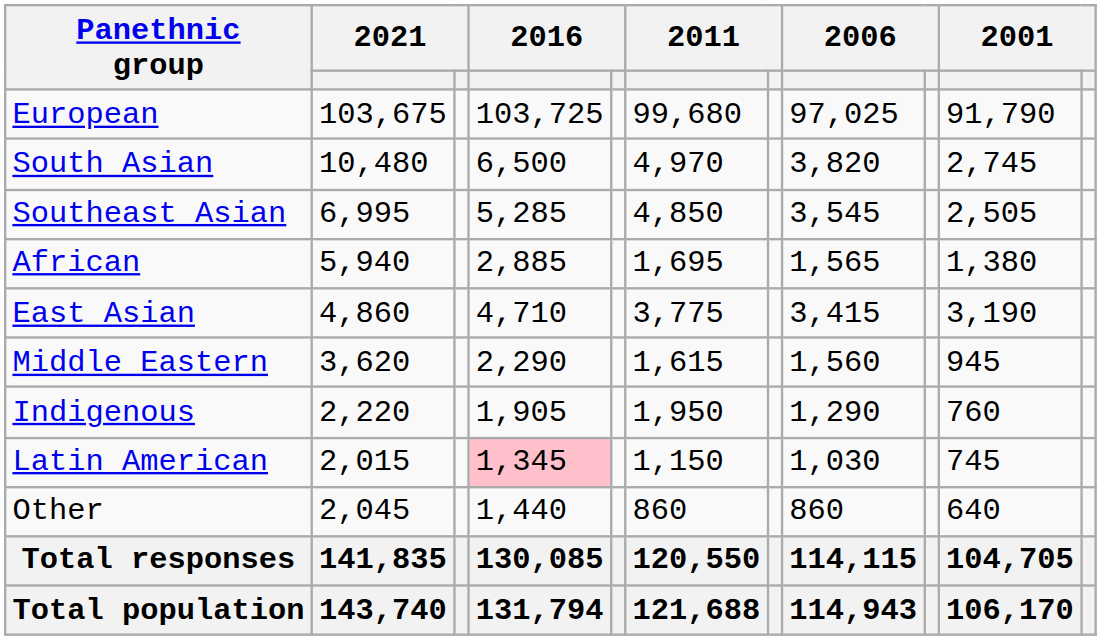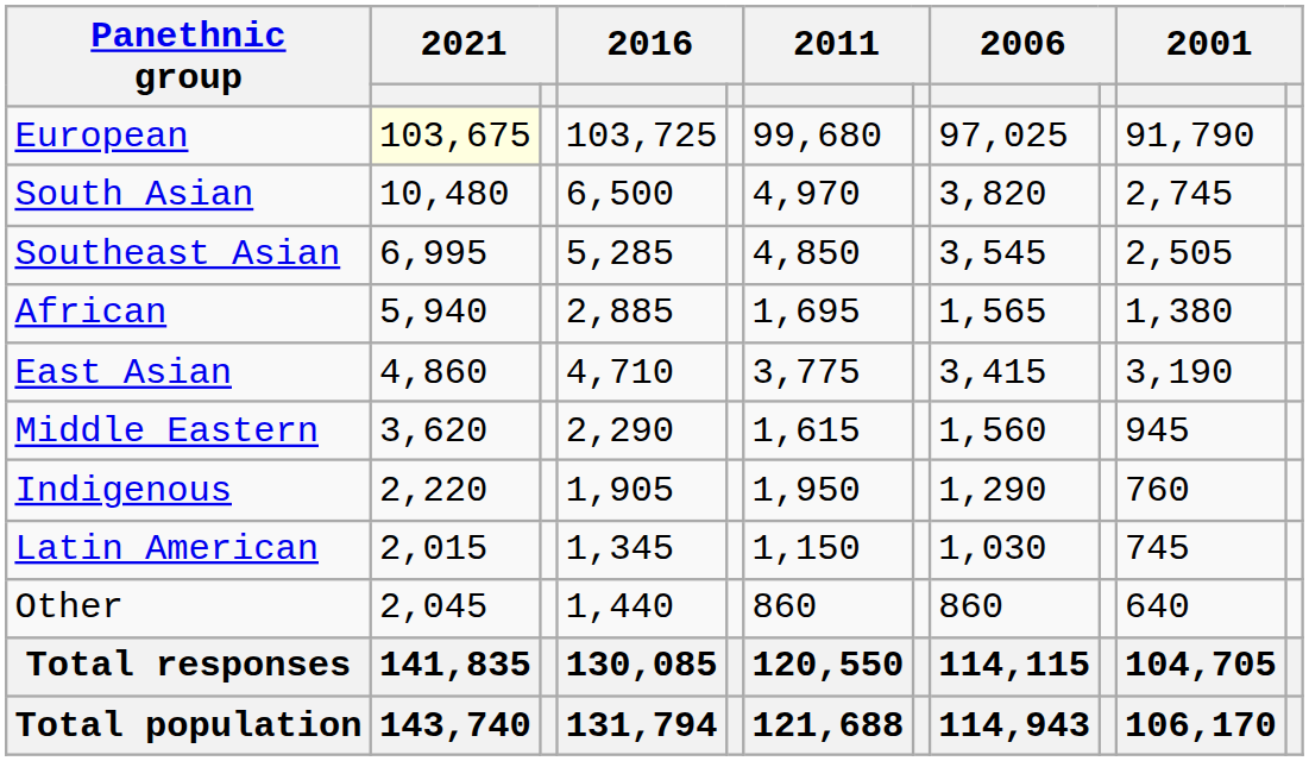 <table class="wikitable collapsible sortable">
 <tr>
 <th rowspan="2"><a href='#'>Panethnic</a><br>group</th>
 <th colspan="2">2021</th>
 <th colspan="2">2016</th>
 <th colspan="2">2011</th>
 <th colspan="2">2006</th>
 <th colspan="2">2001</th>
 </tr>
 <tr>
 <th><a href='#'></a></th>
 <th></th>
 <th></th>
 <th></th>
 <th></th>
 <th></th>
 <th></th>
 <th></th>
 <th></th>
 <th></th>
 </tr>
 <tr>
 <td><a href='#'>European</a></td>
-<td>103,675</td>
+<td style="background: lightyellow;">103,675</td>
 <td></td>
 <td>103,725</td>
 <td></td>
 <td>99,680</td>
 <td></td>
 <td>97,025</td>
 <td></td>
 <td>91,790</td>
 <td></td>
 </tr>
 <tr>
 <td><a href='#'>South Asian</a></td>
 <td>10,480</td>
 <td></td>
 <td>6,500</td>
 <td></td>
 <td>4,970</td>
 <td></td>
 <td>3,820</td>
 <td></td>
 <td>2,745</td>
 <td></td>
 </tr>
 <tr>
 <td><a href='#'>Southeast Asian</a></td>
 <td>6,995</td>
 <td></td>
 <td>5,285</td>
 <td></td>
 <td>4,850</td>
 <td></td>
 <td>3,545</td>
 <td></td>
 <td>2,505</td>
 <td></td>
 </tr>
 <tr>
 <td><a href='#'>African</a></td>
 <td>5,940</td>
 <td></td>
 <td>2,885</td>
 <td></td>
 <td>1,695</td>
 <td></td>
 <td>1,565</td>
 <td></td>
 <td>1,380</td>
 <td></td>
 </tr>
 <tr>
 <td><a href='#'>East Asian</a></td>
 <td>4,860</td>
 <td></td>
 <td>4,710</td>
 <td></td>
 <td>3,775</td>
 <td></td>
 <td>3,415</td>
 <td></td>
 <td>3,190</td>
 <td></td>
 </tr>
 <tr>
 <td><a href='#'>Middle Eastern</a></td>
 <td>3,620</td>
 <td></td>
 <td>2,290</td>
 <td></td>
 <td>1,615</td>
 <td></td>
 <td>1,560</td>
 <td></td>
 <td>945</td>
 <td></td>
 </tr>
 <tr>
 <td><a href='#'>Indigenous</a></td>
 <td>2,220</td>
 <td></td>
 <td>1,905</td>
 <td></td>
 <td>1,950</td>
 <td></td>
 <td>1,290</td>
 <td></td>
 <td>760</td>
 <td></td>
 </tr>
 <tr>
 <td><a href='#'>Latin American</a></td>
 <td>2,015</td>
 <td></td>
-<td style="background: pink;">1,345</td>
+<td>1,345</td>
 <td></td>
 <td>1,150</td>
 <td></td>
 <td>1,030</td>
 <td></td>
 <td>745</td>
 <td></td>
 </tr>
 <tr>
 <td>Other</td>
 <td>2,045</td>
 <td></td>
 <td>1,440</td>
 <td></td>
 <td>860</td>
 <td></td>
 <td>860</td>
 <td></td>
 <td>640</td>
 <td></td>
 </tr>
 <tr>
 <th>Total responses</th>
 <th>141,835</th>
 <th></th>
 <th>130,085</th>
 <th></th>
 <th>120,550</th>
 <th></th>
 <th>114,115</th>
 <th></th>
 <th>104,705</th>
 <th></th>
 </tr>
 <tr>
 <th>Total population</th>
 <th>143,740</th>
 <th></th>
 <th>131,794</th>
 <th></th>
 <th>121,688</th>
 <th></th>
 <th>114,943</th>
 <th></th>
 <th>106,170</th>
 <th></th>
 </tr>
 </table>
